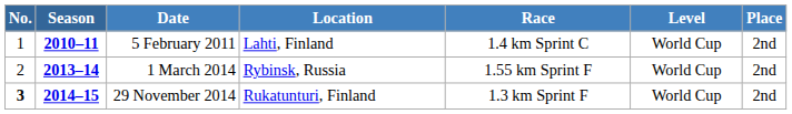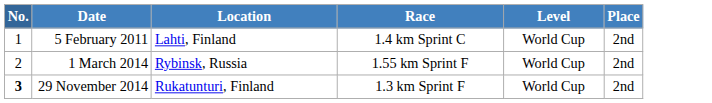 <table class="wikitable sortable" style="font-size:95%; text-align:center; border:grey solid 1px; border-collapse:collapse; background:#ffffff;">
 <tr style="background:#efefef;">
 <th style="background-color:#369; color:white;">No.</th>
-<th style="background-color:#369; color:white;">Season</th>
 <th style="background-color:#4180be; color:white; width:120px;">Date</th>
 <th style="background-color:#4180be; color:white; width:190px;">Location</th>
 <th style="background-color:#4180be; color:white; width:170px;">Race</th>
 <th style="background-color:#4180be; color:white; width:100px;">Level</th>
 <th style="background-color:#4180be; color:white;">Place</th>
 </tr>
 <tr>
 <td align=center>1</td>
-<td rowspan=1 align=center><strong> <a href='#'>2010–11</a> </strong></td>
 <td align=right>5 February 2011</td>
 <td align=left> <a href='#'>Lahti</a>, Finland</td>
 <td>1.4 km Sprint C</td>
 <td>World Cup</td>
 <td>2nd</td>
 </tr>
 <tr>
 <td align=center>2</td>
-<td rowspan=1 align=center><strong> <a href='#'>2013–14</a> </strong></td>
 <td align=right>1 March 2014</td>
 <td align=left> <a href='#'>Rybinsk</a>, Russia</td>
 <td>1.55 km Sprint F</td>
 <td>World Cup</td>
 <td>2nd</td>
 </tr>
 <tr>
 <td align=center><strong>3</strong></td>
-<td rowspan=1 align=center><strong> <a href='#'>2014–15</a> </strong></td>
 <td align=right>29 November 2014</td>
 <td align=left> <a href='#'>Rukatunturi</a>, Finland</td>
 <td>1.3 km Sprint F</td>
 <td>World Cup</td>
 <td>2nd</td>
 </tr>
 </table>
